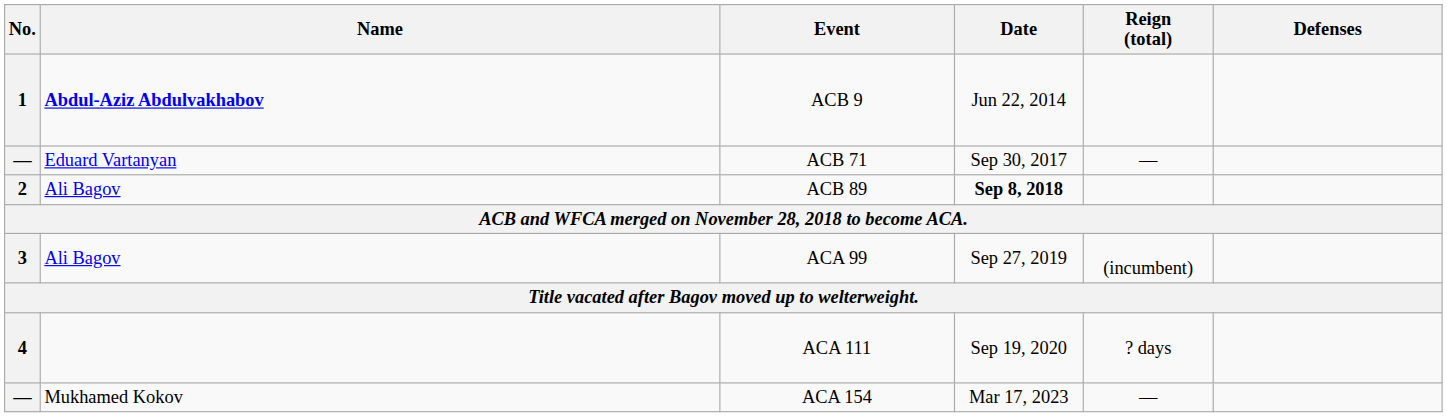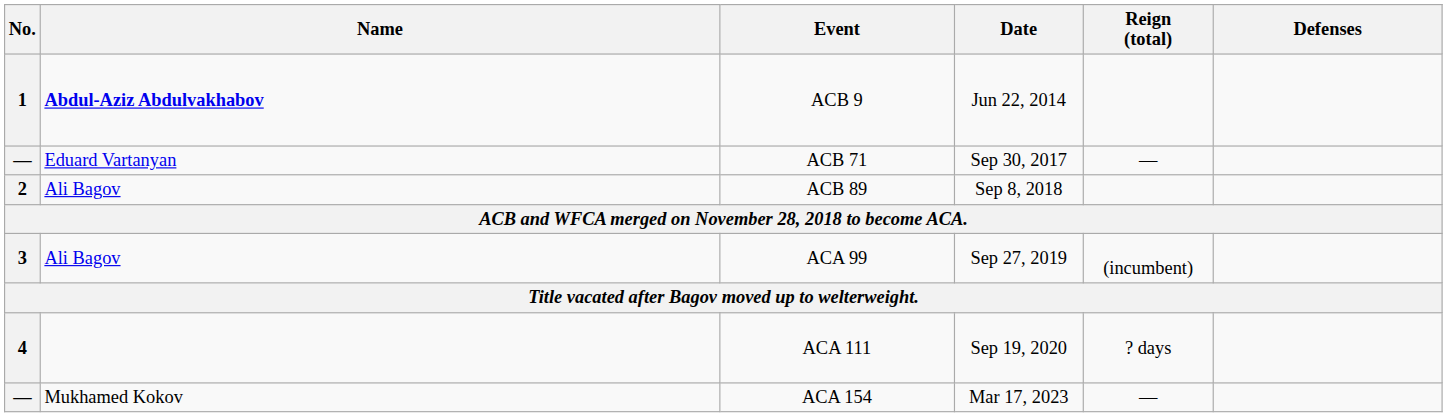 <table class="wikitable" style="width:99%;">
 <tr>
 <th style="width:2%;">No.</th>
 <th>Name</th>
 <th>Event</th>
 <th style="width:9%;">Date</th>
 <th style="width:9%;">Reign<br>(total)</th>
 <th>Defenses</th>
 </tr>
 <tr>
 <th>1</th>
 <td align=left><strong> <a href='#'>Abdul-Aziz Abdulvakhabov</a><br></strong></td>
 <td align=center>ACB 9<br></td>
 <td align=center>Jun 22, 2014</td>
 <td align=center></td>
 <td><br><br> <br> <br></td>
 </tr>
 <tr>
 <th>—</th>
 <td align=left> <a href='#'>Eduard Vartanyan</a> <br></td>
 <td align=center>ACB 71<br></td>
 <td align=center>Sep 30, 2017</td>
 <td align=center>—</td>
 <td></td>
 </tr>
 <tr>
 <th>2</th>
 <td align=left> <a href='#'>Ali Bagov</a></td>
 <td align=center>ACB 89<br></td>
-<td align=center><strong>Sep 8, 2018</strong></td>
+<td align=center>Sep 8, 2018</td>
 <td align=center></td>
 <td></td>
 </tr>
 <tr>
 <th style="text-align:center;" colspan="6"><em>ACB and WFCA merged on November 28, 2018 to become ACA.</em></th>
 </tr>
 <tr>
 <th>3</th>
 <td align=left> <a href='#'>Ali Bagov</a> <br></td>
 <td align=center>ACA 99<br></td>
 <td align=center>Sep 27, 2019</td>
 <td align=center><br>(incumbent)<br></td>
 <td></td>
 </tr>
 <tr>
 <th style="text-align:center;" colspan="6"><em>Title vacated after Bagov moved up to welterweight.</em></th>
 </tr>
 <tr>
 <th>4</th>
 <td align=left> <br></td>
 <td align=center>ACA 111<br></td>
 <td align=center>Sep 19, 2020</td>
 <td align=center>? days</td>
 <td><br><br> <br></td>
 </tr>
 <tr>
 <th>—</th>
 <td align=left> Mukhamed Kokov <br></td>
 <td align=center>ACA 154<br></td>
 <td align=center>Mar 17, 2023</td>
 <td align=center>—</td>
 <td></td>
 </tr>
 </table>
